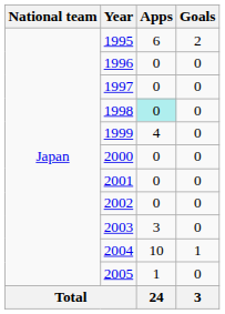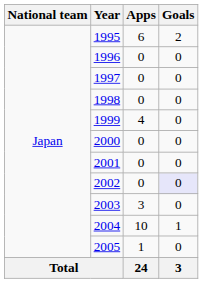 <table class="wikitable" style="text-align:center">
 <tr>
 <th>National team</th>
 <th>Year</th>
 <th>Apps</th>
 <th>Goals</th>
 </tr>
 <tr>
 <td rowspan="11"><a href='#'>Japan</a></td>
 <td><a href='#'>1995</a></td>
 <td>6</td>
 <td>2</td>
 </tr>
 <tr>
 <td><a href='#'>1996</a></td>
 <td>0</td>
 <td>0</td>
 </tr>
 <tr>
 <td><a href='#'>1997</a></td>
 <td>0</td>
 <td>0</td>
 </tr>
 <tr>
 <td><a href='#'>1998</a></td>
-<td style="background: paleturquoise;">0</td>
+<td>0</td>
 <td>0</td>
 </tr>
 <tr>
 <td><a href='#'>1999</a></td>
 <td>4</td>
 <td>0</td>
 </tr>
 <tr>
 <td><a href='#'>2000</a></td>
 <td>0</td>
 <td>0</td>
 </tr>
 <tr>
 <td><a href='#'>2001</a></td>
 <td>0</td>
 <td>0</td>
 </tr>
 <tr>
 <td><a href='#'>2002</a></td>
 <td>0</td>
-<td>0</td>
+<td style="background: lavender;">0</td>
 </tr>
 <tr>
 <td><a href='#'>2003</a></td>
 <td>3</td>
 <td>0</td>
 </tr>
 <tr>
 <td><a href='#'>2004</a></td>
 <td>10</td>
 <td>1</td>
 </tr>
 <tr>
 <td><a href='#'>2005</a></td>
 <td>1</td>
 <td>0</td>
 </tr>
 <tr>
 <th colspan="2">Total</th>
 <th>24</th>
 <th>3</th>
 </tr>
 </table>
